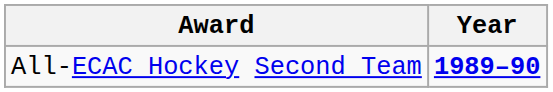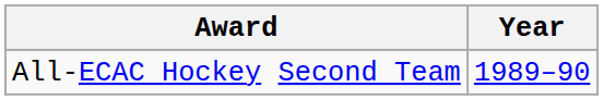 <table class="wikitable">
 <tr>
 <th>Award</th>
 <th>Year</th>
 </tr>
 <tr>
 <td>All-<a href='#'>ECAC Hockey</a> <a href='#'>Second Team</a></td>
-<td><strong><a href='#'>1989–90</a></strong></td>
+<td><a href='#'>1989–90</a></td>
 </tr>
 </table>
